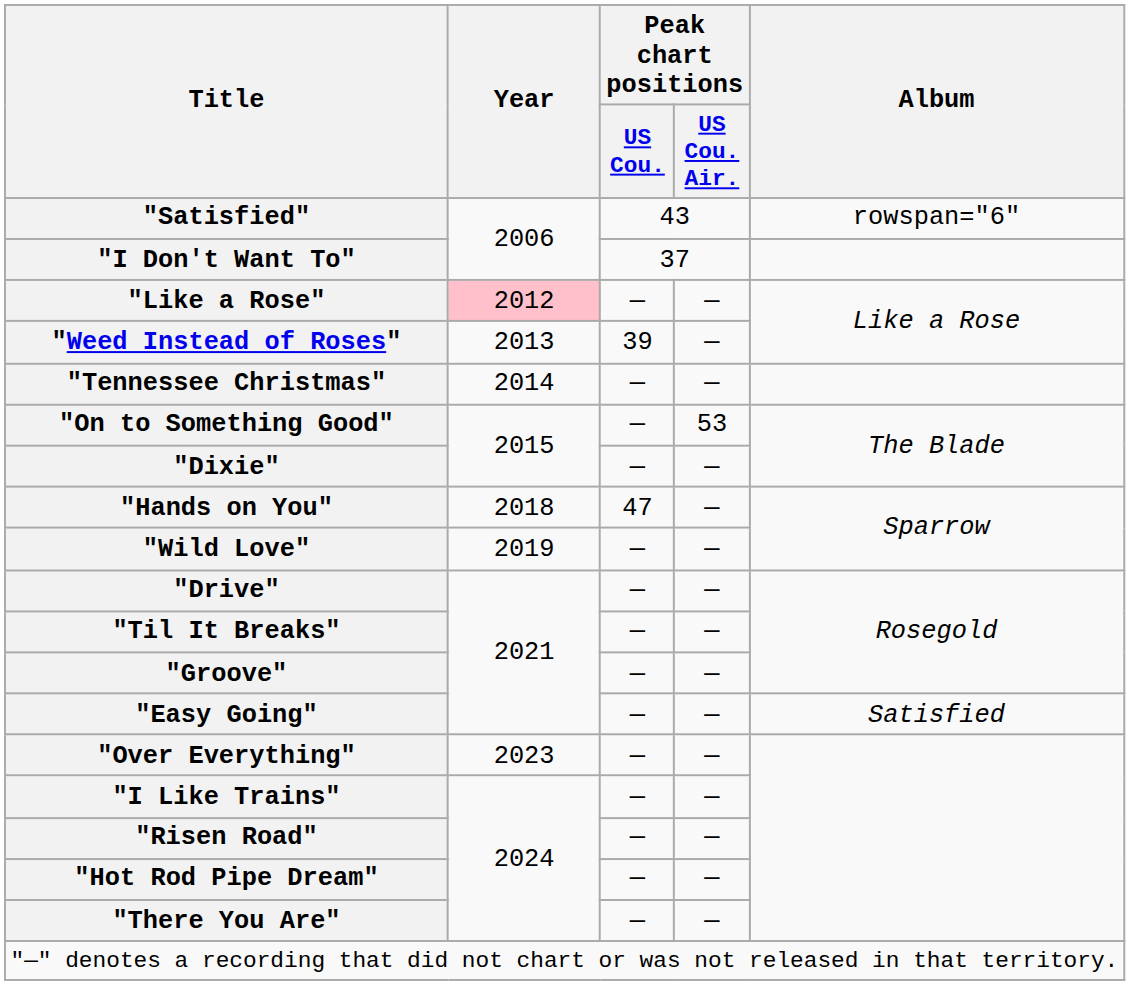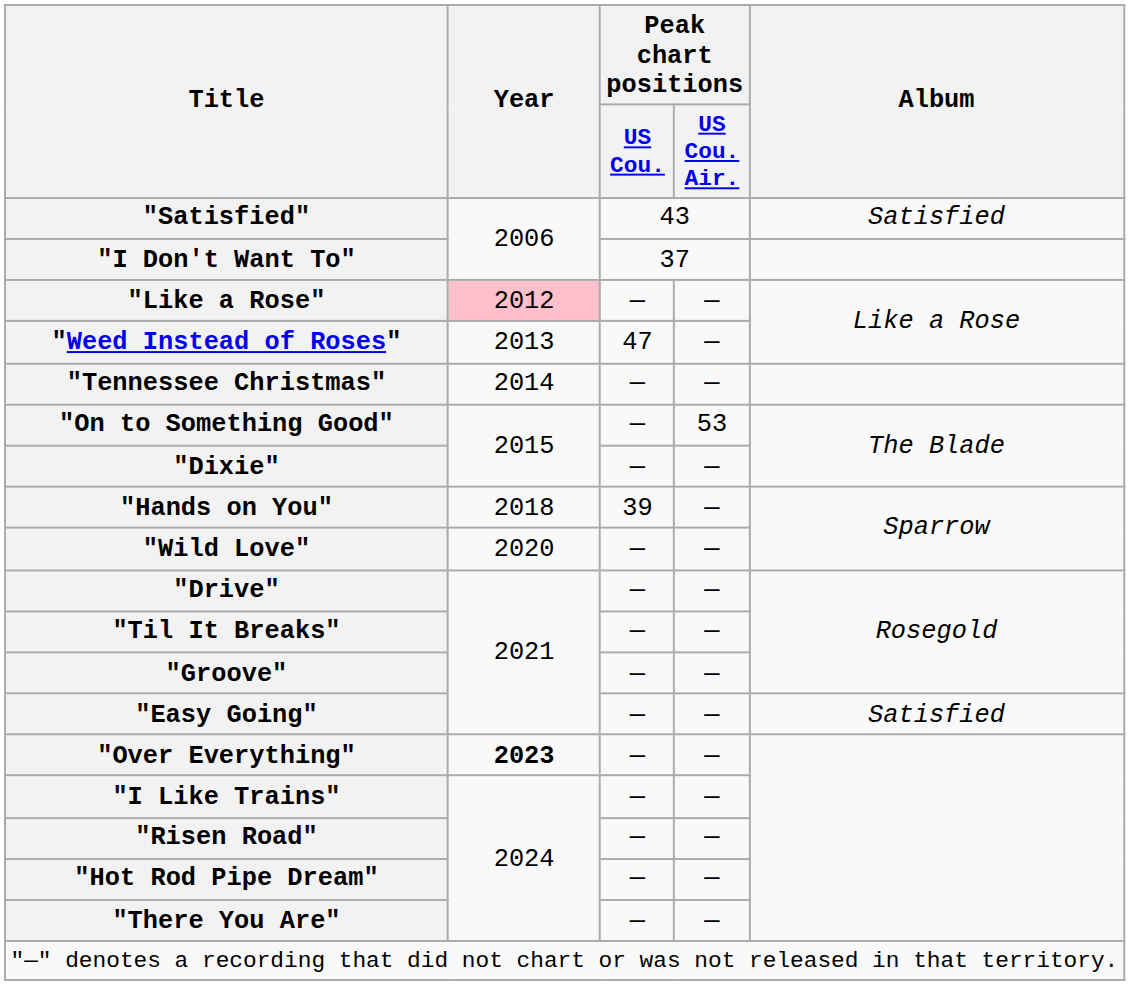 <table class="wikitable plainrowheaders" style="text-align:center;" border="1">
 <tr>
 <th scope="col" rowspan="2" style="width:17em;">Title</th>
 <th scope="col" rowspan="2">Year</th>
 <th scope="col" colspan="2">Peak chart positions</th>
 <th scope="col" rowspan="2">Album</th>
 </tr>
 <tr>
 <th scope="col" style="width:2em;font-size:90%;"><a href='#'>US<br>Cou.</a><br></th>
 <th scope="col" style="width:2em;font-size:90%;"><a href='#'>US<br>Cou.<br>Air.</a><br></th>
 </tr>
 <tr>
 <th scope="row">"Satisfied"</th>
 <td rowspan="2">2006</td>
 <td colspan="2">43</td>
-<td>rowspan="6" </td>
+<td><em>Satisfied</em></td>
 </tr>
 <tr>
 <th scope="row">"I Don't Want To" </th>
 <td colspan="2">37</td>
 <td></td>
 </tr>
 <tr>
 <th scope="row">"Like a Rose"</th>
 <td style="background: pink;">2012</td>
 <td>—</td>
 <td>—</td>
 <td rowspan="2"><em>Like a Rose</em></td>
 </tr>
 <tr>
 <th scope="row">"<a href='#'>Weed Instead of Roses</a>"</th>
 <td>2013</td>
-<td>39</td>
+<td>47</td>
 <td>—</td>
 </tr>
 <tr>
 <th scope="row">"Tennessee Christmas"</th>
 <td>2014</td>
 <td>—</td>
 <td>—</td>
 <td></td>
 </tr>
 <tr>
 <th scope="row">"On to Something Good"</th>
 <td rowspan="2">2015</td>
 <td>—</td>
 <td>53</td>
 <td rowspan="2"><em>The Blade</em></td>
 </tr>
 <tr>
 <th scope="row">"Dixie"</th>
 <td>—</td>
 <td>—</td>
 </tr>
 <tr>
 <th scope="row">"Hands on You"</th>
 <td>2018</td>
-<td>47</td>
+<td>39</td>
 <td>—</td>
 <td rowspan="2"><em>Sparrow</em></td>
 </tr>
 <tr>
 <th scope="row">"Wild Love"</th>
-<td>2019</td>
+<td>2020</td>
 <td>—</td>
 <td>—</td>
 </tr>
 <tr>
 <th scope="row">"Drive"</th>
 <td rowspan="4">2021</td>
 <td>—</td>
 <td>—</td>
 <td rowspan="3"><em>Rosegold</em></td>
 </tr>
 <tr>
 <th scope="row">"Til It Breaks"</th>
 <td>—</td>
 <td>—</td>
 </tr>
 <tr>
 <th scope="row">"Groove"</th>
 <td>—</td>
 <td>—</td>
 </tr>
 <tr>
 <th scope="row">"Easy Going" </th>
 <td>—</td>
 <td>—</td>
 <td><em>Satisfied</em></td>
 </tr>
 <tr>
 <th scope="row">"Over Everything"</th>
-<td>2023</td>
+<td><strong>2023</strong></td>
 <td>—</td>
 <td>—</td>
 </tr>
 <tr>
 <th scope="row">"I Like Trains"</th>
 <td rowspan="4">2024</td>
 <td>—</td>
 <td>—</td>
 </tr>
 <tr>
 <th scope="row">"Risen Road"</th>
 <td>—</td>
 <td>—</td>
 </tr>
 <tr>
 <th scope="row">"Hot Rod Pipe Dream"</th>
 <td>—</td>
 <td>—</td>
 </tr>
 <tr>
 <th scope="row">"There You Are"</th>
 <td>—</td>
 <td>—</td>
 </tr>
 <tr>
 <td colspan="12" style="font-size:90%">"—" denotes a recording that did not chart or was not released in that territory.</td>
 </tr>
 </table>
